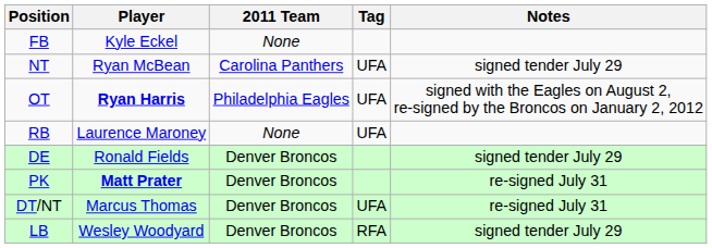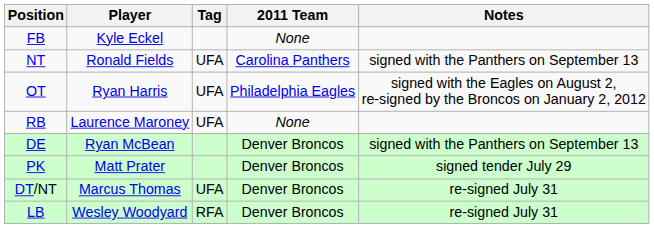 <table class="wikitable" style="text-align:center">
 <tr>
 <th>Position</th>
 <th>Player</th>
+<th>Tag</th>
 <th>2011 Team</th>
-<th>Tag</th>
 <th>Notes</th>
 </tr>
 <tr>
 <td><a href='#'>FB</a></td>
 <td><a href='#'>Kyle Eckel</a></td>
+<td></td>
 <td><em>None</em></td>
-<td></td>
 <td></td>
 </tr>
 <tr>
 <td><a href='#'>NT</a></td>
-<td><a href='#'>Ryan McBean</a></td>
+<td><a href='#'>Ronald Fields</a></td>
+<td>UFA</td>
 <td><a href='#'>Carolina Panthers</a></td>
-<td>UFA</td>
-<td>signed tender July 29</td>
+<td>signed with the Panthers on September 13</td>
 </tr>
 <tr>
 <td><a href='#'>OT</a></td>
-<td><strong><a href='#'>Ryan Harris</a></strong></td>
+<td><a href='#'>Ryan Harris</a></td>
+<td>UFA</td>
 <td><a href='#'>Philadelphia Eagles</a></td>
-<td>UFA</td>
 <td>signed with the Eagles on August 2,<br>re-signed by the Broncos on January 2, 2012</td>
 </tr>
 <tr>
 <td><a href='#'>RB</a></td>
 <td><a href='#'>Laurence Maroney</a></td>
+<td>UFA</td>
 <td><em>None</em></td>
-<td>UFA</td>
 <td></td>
 </tr>
 <tr style="background:#cfc">
 <td><a href='#'>DE</a></td>
-<td><a href='#'>Ronald Fields</a></td>
+<td><a href='#'>Ryan McBean</a></td>
+<td></td>
 <td>Denver Broncos</td>
-<td></td>
-<td>signed tender July 29</td>
+<td>signed with the Panthers on September 13</td>
 </tr>
 <tr style="background:#cfc">
 <td><a href='#'>PK</a></td>
-<td><strong><a href='#'>Matt Prater</a></strong></td>
+<td><a href='#'>Matt Prater</a></td>
+<td></td>
 <td>Denver Broncos</td>
-<td></td>
-<td>re-signed July 31</td>
+<td>signed tender July 29</td>
 </tr>
 <tr style="background:#cfc">
 <td><a href='#'>DT</a>/NT</td>
 <td><a href='#'>Marcus Thomas</a></td>
+<td>UFA</td>
 <td>Denver Broncos</td>
-<td>UFA</td>
 <td>re-signed July 31</td>
 </tr>
 <tr style="background:#cfc">
 <td><a href='#'>LB</a></td>
 <td><a href='#'>Wesley Woodyard</a></td>
+<td>RFA</td>
 <td>Denver Broncos</td>
-<td>RFA</td>
-<td>signed tender July 29</td>
+<td>re-signed July 31</td>
 </tr>
 </table>
